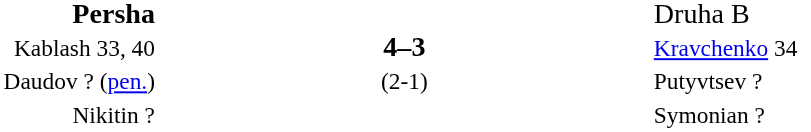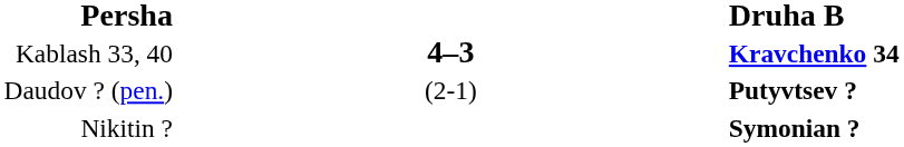 <table width=100% cellspacing=1>
 <tr>
 <th width=20%></th>
 <th width=20%></th>
 <th width=20%></th>
 <th></th>
 </tr>
 <tr style=font-size:90%>
 <td align=right><strong>Persha</strong><br><small>Kablash 33, 40</small><br><small>Daudov ? (<a href='#'>pen.</a>)</small><br><small>Nikitin ?</small></td>
 <td align=center><strong>4–3</strong><br><small>(2-1)</small></td>
-<td>Druha B<br><small><a href='#'>Kravchenko</a> 34</small><br><small>Putyvtsev ?</small><br><small>Symonian ?</small></td>
+<td><strong>Druha B<br><small><a href='#'>Kravchenko</a> 34</small><br><small>Putyvtsev ?</small><br><small>Symonian ?</small></strong></td>
 <td></td>
 </tr>
 </table>
